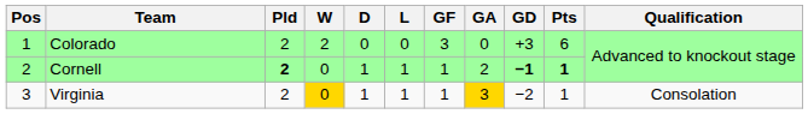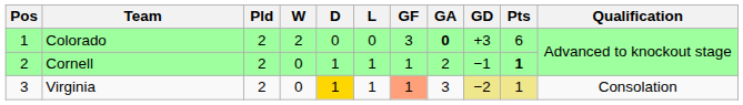 <table class="wikitable" style="text-align:center; margin: 1em auto">
 <tr>
 <th style="width:2em">Pos</th>
 <th style="width:13em">Team</th>
 <th style="width:2em">Pld</th>
 <th style="width:2em">W</th>
 <th style="width:2em">D</th>
 <th style="width:2em">L</th>
 <th style="width:2em">GF</th>
 <th style="width:2em">GA</th>
 <th style="width:2em">GD</th>
 <th style="width:2em">Pts</th>
 <th style="width:13em">Qualification</th>
 </tr>
 <tr bgcolor="#9eff9e">
 <td>1</td>
 <td style="text-align:left">Colorado</td>
 <td>2</td>
 <td>2</td>
 <td>0</td>
 <td>0</td>
 <td>3</td>
-<td>0</td>
+<td><strong>0</strong></td>
 <td>+3</td>
 <td>6</td>
 <td rowspan="2">Advanced to knockout stage</td>
 </tr>
 <tr bgcolor="#9eff9e">
 <td>2</td>
 <td style="text-align:left">Cornell</td>
-<td><strong>2</strong></td>
+<td>2</td>
 <td>0</td>
 <td>1</td>
 <td>1</td>
 <td>1</td>
 <td>2</td>
-<td><strong>−1</strong></td>
+<td>−1</td>
 <td><strong>1</strong></td>
 </tr>
 <tr>
 <td>3</td>
 <td style="text-align:left">Virginia</td>
 <td>2</td>
-<td style="background: gold;">0</td>
+<td>0</td>
+<td style="background: gold;">1</td>
 <td>1</td>
-<td>1</td>
-<td>1</td>
-<td style="background: gold;">3</td>
-<td>−2</td>
-<td>1</td>
+<td style="background: lightsalmon;">1</td>
+<td>3</td>
+<td style="background: khaki;">−2</td>
+<td style="background: khaki;">1</td>
 <td>Consolation</td>
 </tr>
 </table>
